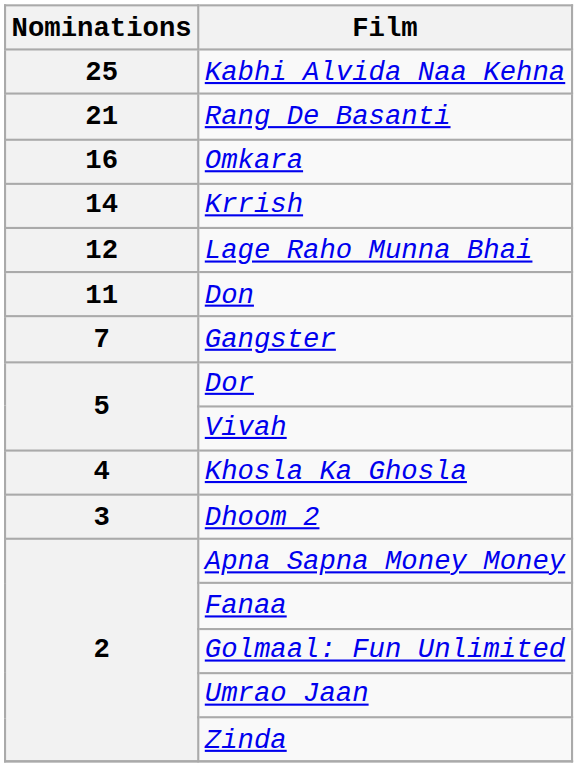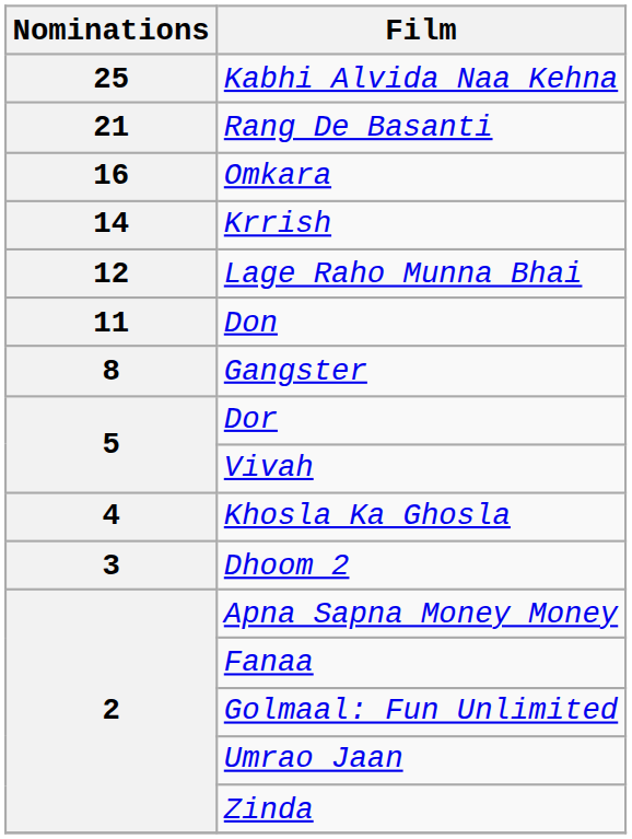 <table class="wikitable" style="display:inline-table;">
 <tr>
 <th>Nominations</th>
 <th>Film</th>
 </tr>
 <tr>
 <th>25</th>
 <td><em><a href='#'>Kabhi Alvida Naa Kehna</a></em></td>
 </tr>
 <tr>
 <th>21</th>
 <td><em><a href='#'>Rang De Basanti</a></em></td>
 </tr>
 <tr>
 <th>16</th>
 <td><em><a href='#'>Omkara</a></em></td>
 </tr>
 <tr>
 <th>14</th>
 <td><em><a href='#'>Krrish</a></em></td>
 </tr>
 <tr>
 <th>12</th>
 <td><em><a href='#'>Lage Raho Munna Bhai</a></em></td>
 </tr>
 <tr>
 <th>11</th>
 <td><em><a href='#'>Don</a></em></td>
 </tr>
 <tr>
-<th>7</th>
+<th>8</th>
 <td><em><a href='#'>Gangster</a></em></td>
 </tr>
 <tr>
 <th rowspan="2">5</th>
 <td><em><a href='#'>Dor</a></em></td>
 </tr>
 <tr>
 <td><em><a href='#'>Vivah</a></em></td>
 </tr>
 <tr>
 <th>4</th>
 <td><em><a href='#'>Khosla Ka Ghosla</a></em></td>
 </tr>
 <tr>
 <th>3</th>
 <td><em><a href='#'>Dhoom 2</a></em></td>
 </tr>
 <tr>
 <th rowspan="5">2</th>
 <td><em><a href='#'>Apna Sapna Money Money</a></em></td>
 </tr>
 <tr>
 <td><em><a href='#'>Fanaa</a></em></td>
 </tr>
 <tr>
 <td><em><a href='#'>Golmaal: Fun Unlimited</a></em></td>
 </tr>
 <tr>
 <td><em><a href='#'>Umrao Jaan</a></em></td>
 </tr>
 <tr>
 <td><em><a href='#'>Zinda</a></em></td>
 </tr>
 <tr>
 </tr>
 </table>
